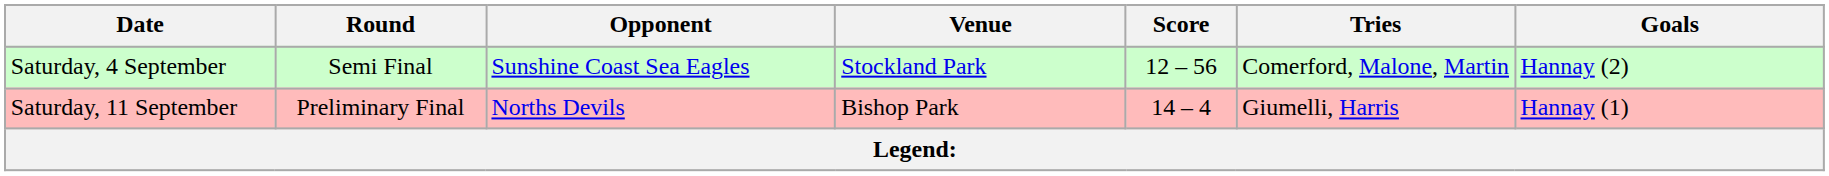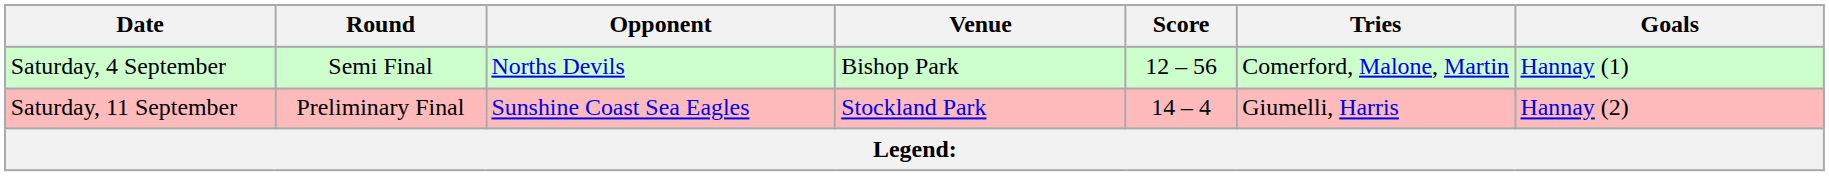 <table class="wikitable" style="font-size:75%;">
 <tr>
 <th style="width:130px;">Date</th>
 <th style="width:100px;">Round</th>
 <th style="width:170px;">Opponent</th>
 <th style="width:140px;">Venue</th>
 <th style="width:50px;">Score</th>
 <th style="width:340x;">Tries</th>
 <th style="width:150px;">Goals</th>
 </tr>
 <tr style="background:#CCFFCC">
 <td>Saturday, 4 September</td>
 <td style="text-align:center;">Semi Final</td>
-<td> <a href='#'>Sunshine Coast Sea Eagles</a></td>
-<td><a href='#'>Stockland Park</a></td>
+<td> <a href='#'>Norths Devils</a></td>
+<td>Bishop Park</td>
 <td style="text-align:center;">12 – 56</td>
 <td>Comerford, <a href='#'>Malone</a>, <a href='#'>Martin</a></td>
-<td><a href='#'>Hannay</a> (2)</td>
+<td><a href='#'>Hannay</a> (1)</td>
 </tr>
 <tr style="background:#FFBBBB">
 <td>Saturday, 11 September</td>
 <td style="text-align:center;">Preliminary Final</td>
-<td> <a href='#'>Norths Devils</a></td>
-<td>Bishop Park</td>
+<td> <a href='#'>Sunshine Coast Sea Eagles</a></td>
+<td><a href='#'>Stockland Park</a></td>
 <td style="text-align:center;">14 – 4</td>
 <td>Giumelli, <a href='#'>Harris</a></td>
-<td><a href='#'>Hannay</a> (1)</td>
+<td><a href='#'>Hannay</a> (2)</td>
 </tr>
 <tr>
 <th colspan="11"><strong>Legend</strong>:    </th>
 </tr>
 </table>
